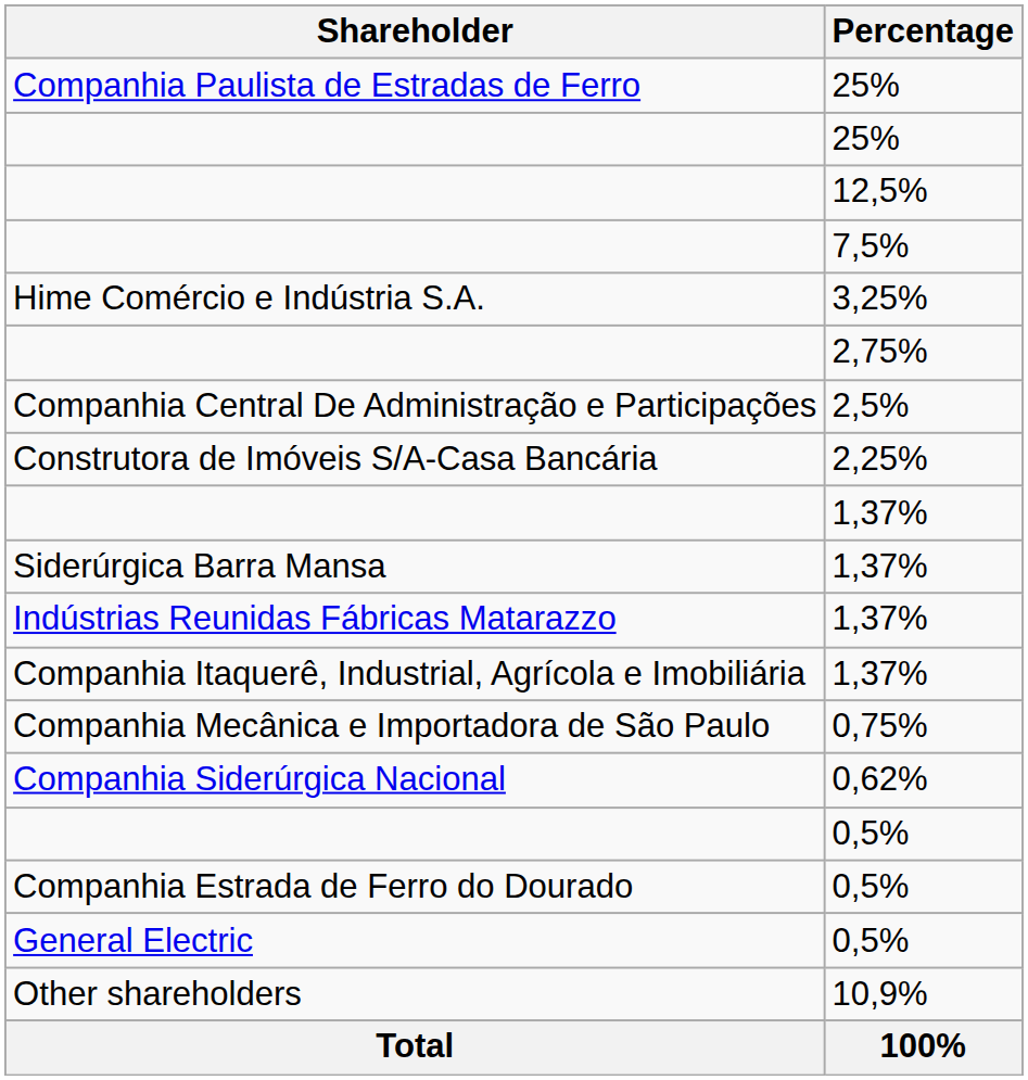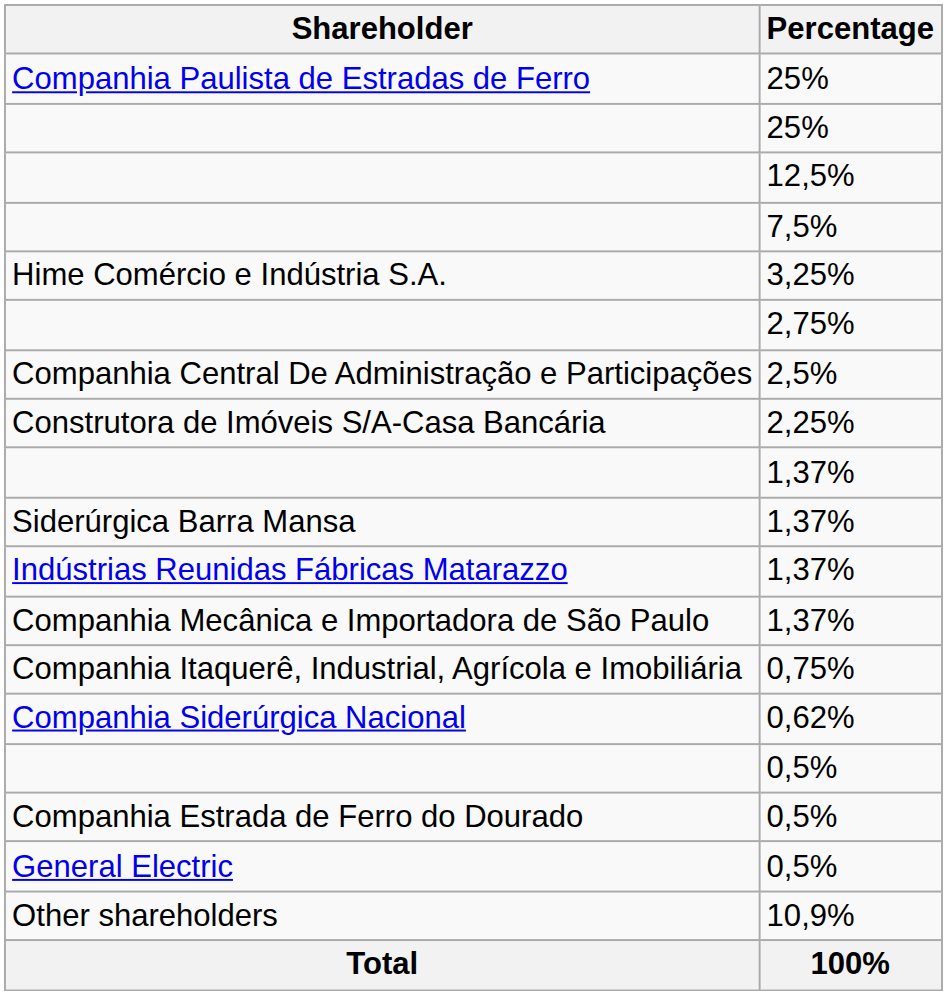 <table class="wikitable">
 <tr>
 <th>Shareholder</th>
 <th>Percentage</th>
 </tr>
 <tr>
 <td><a href='#'>Companhia Paulista de Estradas de Ferro</a></td>
 <td>25%</td>
 </tr>
 <tr>
 <td></td>
 <td>25%</td>
 </tr>
 <tr>
 <td></td>
 <td>12,5%</td>
 </tr>
 <tr>
 <td></td>
 <td>7,5%</td>
 </tr>
 <tr>
 <td>Hime Comércio e Indústria S.A.</td>
 <td>3,25%</td>
 </tr>
 <tr>
 <td></td>
 <td>2,75%</td>
 </tr>
 <tr>
 <td>Companhia Central De Administração e Participações</td>
 <td>2,5%</td>
 </tr>
 <tr>
 <td>Construtora de Imóveis S/A-Casa Bancária</td>
 <td>2,25%</td>
 </tr>
 <tr>
 <td></td>
 <td>1,37%</td>
 </tr>
 <tr>
 <td>Siderúrgica Barra Mansa</td>
 <td>1,37%</td>
 </tr>
 <tr>
 <td><a href='#'>Indústrias Reunidas Fábricas Matarazzo</a></td>
 <td>1,37%</td>
 </tr>
 <tr>
-<td>Companhia Itaquerê, Industrial, Agrícola e Imobiliária</td>
+<td>Companhia Mecânica e Importadora de São Paulo</td>
 <td>1,37%</td>
 </tr>
 <tr>
-<td>Companhia Mecânica e Importadora de São Paulo</td>
+<td>Companhia Itaquerê, Industrial, Agrícola e Imobiliária</td>
 <td>0,75%</td>
 </tr>
 <tr>
 <td><a href='#'>Companhia Siderúrgica Nacional</a></td>
 <td>0,62%</td>
 </tr>
 <tr>
 <td></td>
 <td>0,5%</td>
 </tr>
 <tr>
 <td>Companhia Estrada de Ferro do Dourado</td>
 <td>0,5%</td>
 </tr>
 <tr>
 <td><a href='#'>General Electric</a></td>
 <td>0,5%</td>
 </tr>
 <tr>
 <td>Other shareholders</td>
 <td>10,9%</td>
 </tr>
 <tr>
 <th>Total</th>
 <th>100%</th>
 </tr>
 </table>
